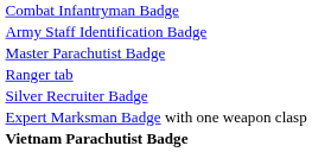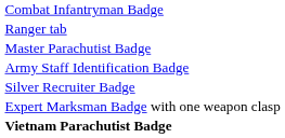 <table>
 <tr>
 <td> <a href='#'>Combat Infantryman Badge</a></td>
 </tr>
 <tr>
-<td> <a href='#'>Army Staff Identification Badge</a></td>
+<td> <a href='#'>Ranger tab</a></td>
 </tr>
 <tr>
 <td> <a href='#'>Master Parachutist Badge</a></td>
 </tr>
 <tr>
-<td> <a href='#'>Ranger tab</a></td>
+<td> <a href='#'>Army Staff Identification Badge</a></td>
 </tr>
 <tr>
 <td> <a href='#'>Silver Recruiter Badge</a></td>
 </tr>
 <tr>
 <td> <a href='#'>Expert Marksman Badge</a> with one weapon clasp</td>
 </tr>
 <tr>
 <td><strong> Vietnam Parachutist Badge</strong></td>
 </tr>
 </table>
